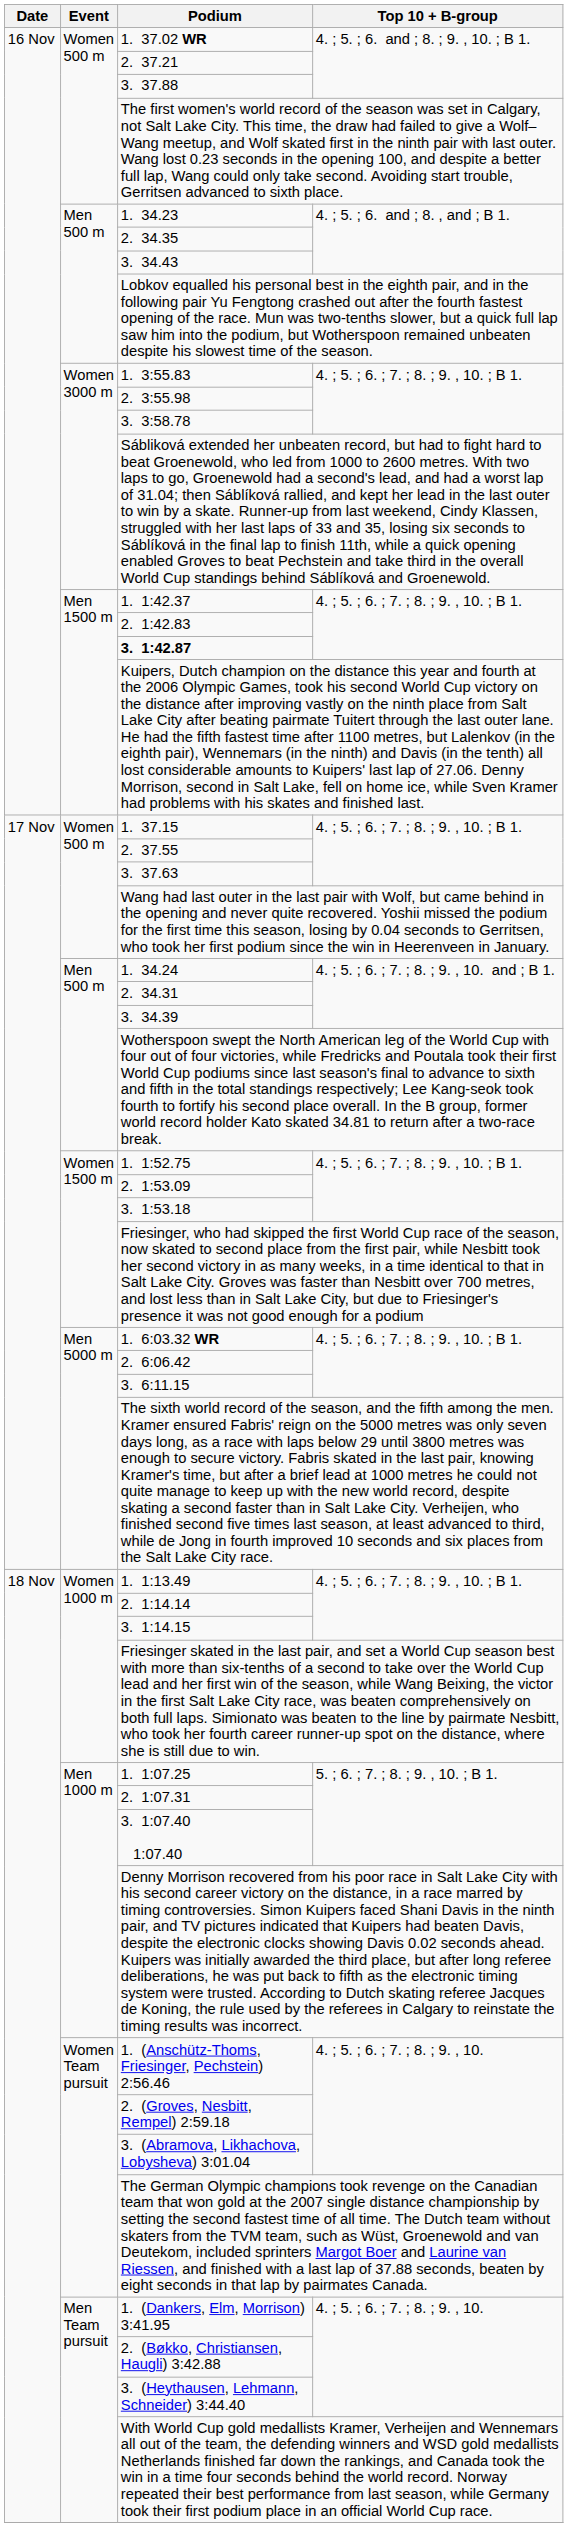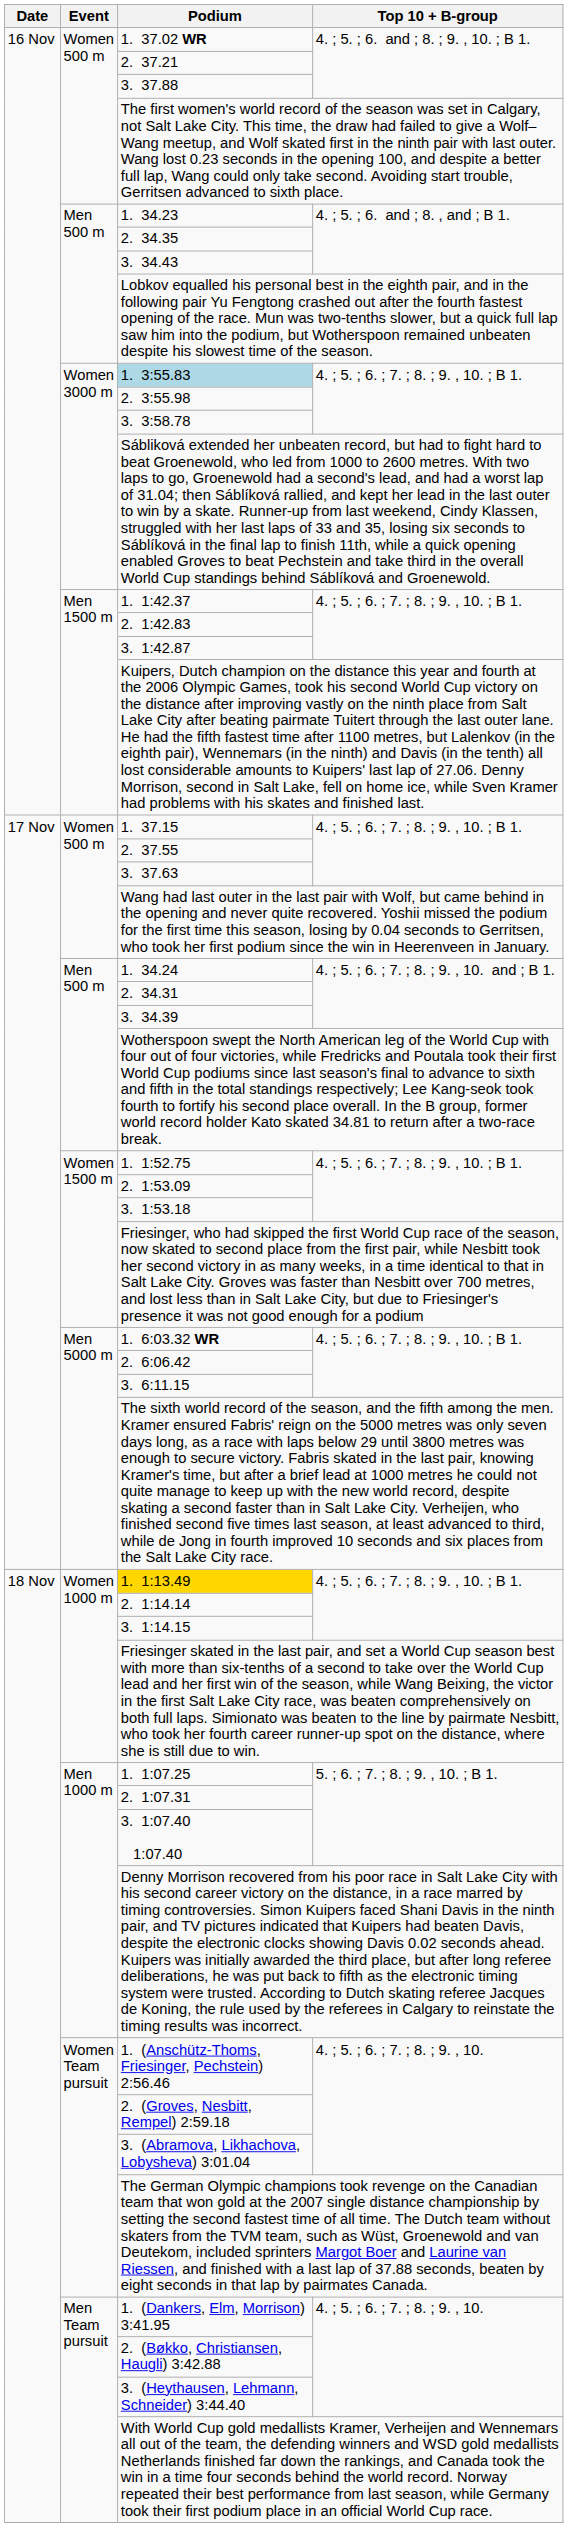 <table class="wikitable">
 <tr>
 <th width="10%">Date</th>
 <th width="10%">Event</th>
 <th width="35%">Podium</th>
 <th width="45%">Top 10 + B-group<br></th>
 </tr>
 <tr valign="top">
 <td rowspan="16">16 Nov</td>
 <td rowspan="4">Women<br>500 m<br></td>
 <td>1.  37.02 <strong>WR</strong></td>
 <td rowspan="3">4. ; 5. ; 6.  and ; 8. ; 9. , 10. ; B 1. </td>
 </tr>
 <tr>
 <td>2.  37.21</td>
 </tr>
 <tr>
 <td>3.  37.88</td>
 </tr>
 <tr>
 <td colspan="2">The first women's world record of the season was set in Calgary, not Salt Lake City. This time, the draw had failed to give a Wolf–Wang meetup, and Wolf skated first in the ninth pair with last outer. Wang lost 0.23 seconds in the opening 100, and despite a better full lap, Wang could only take second. Avoiding start trouble, Gerritsen advanced to sixth place.</td>
 </tr>
 <tr valign="top">
 <td rowspan="4">Men<br>500 m<br></td>
 <td>1.  34.23</td>
 <td rowspan="3">4. ; 5. ; 6.  and ; 8. ,  and ; B 1. </td>
 </tr>
 <tr>
 <td>2.  34.35</td>
 </tr>
 <tr>
 <td>3.  34.43</td>
 </tr>
 <tr>
 <td colspan="2">Lobkov equalled his personal best in the eighth pair, and in the following pair Yu Fengtong crashed out after the fourth fastest opening of the race. Mun was two-tenths slower, but a quick full lap saw him into the podium, but Wotherspoon remained unbeaten despite his slowest time of the season.</td>
 </tr>
 <tr valign="top">
 <td rowspan="4">Women<br>3000 m<br></td>
-<td>1.  3:55.83</td>
+<td style="background: lightblue;">1.  3:55.83</td>
 <td rowspan="3">4. ; 5. ; 6. ; 7. ; 8. ; 9. , 10. ; B 1. </td>
 </tr>
 <tr>
 <td>2.  3:55.98</td>
 </tr>
 <tr>
 <td>3.  3:58.78</td>
 </tr>
 <tr>
 <td colspan="2">Sábliková extended her unbeaten record, but had to fight hard to beat Groenewold, who led from 1000 to 2600 metres. With two laps to go, Groenewold had a second's lead, and had a worst lap of 31.04; then Sáblíková rallied, and kept her lead in the last outer to win by a skate. Runner-up from last weekend, Cindy Klassen, struggled with her last laps of 33 and 35, losing six seconds to Sáblíková in the final lap to finish 11th, while a quick opening enabled Groves to beat Pechstein and take third in the overall World Cup standings behind Sáblíková and Groenewold.</td>
 </tr>
 <tr valign="top">
 <td rowspan="4">Men<br>1500 m<br></td>
 <td>1.  1:42.37</td>
 <td rowspan="3">4. ; 5. ; 6. ; 7. ; 8. ; 9. , 10. ; B 1. </td>
 </tr>
 <tr>
 <td>2.  1:42.83</td>
 </tr>
 <tr>
-<td><strong>3.  1:42.87</strong></td>
+<td>3.  1:42.87</td>
 </tr>
 <tr>
 <td colspan="2">Kuipers, Dutch champion on the distance this year and fourth at the 2006 Olympic Games, took his second World Cup victory on the distance after improving vastly on the ninth place from Salt Lake City after beating pairmate Tuitert through the last outer lane. He had the fifth fastest time after 1100 metres, but Lalenkov (in the eighth pair), Wennemars (in the ninth) and Davis (in the tenth) all lost considerable amounts to Kuipers' last lap of 27.06. Denny Morrison, second in Salt Lake, fell on home ice, while Sven Kramer had problems with his skates and finished last.<br></td>
 </tr>
 <tr valign="top">
 <td rowspan="16">17 Nov</td>
 <td rowspan="4">Women<br>500 m<br></td>
 <td>1.  37.15</td>
 <td rowspan="3">4. ; 5. ; 6. ; 7. ; 8. ; 9. , 10. ; B 1. </td>
 </tr>
 <tr>
 <td>2.  37.55</td>
 </tr>
 <tr>
 <td>3.  37.63</td>
 </tr>
 <tr>
 <td colspan="2">Wang had last outer in the last pair with Wolf, but came behind in the opening and never quite recovered. Yoshii missed the podium for the first time this season, losing by 0.04 seconds to Gerritsen, who took her first podium since the win in Heerenveen in January.</td>
 </tr>
 <tr valign="top">
 <td rowspan="4">Men<br>500 m<br></td>
 <td>1.  34.24</td>
 <td rowspan="3">4. ; 5. ; 6. ; 7. ; 8. ; 9. , 10.  and ; B 1. </td>
 </tr>
 <tr>
 <td>2.  34.31</td>
 </tr>
 <tr>
 <td>3.  34.39</td>
 </tr>
 <tr>
 <td colspan="2">Wotherspoon swept the North American leg of the World Cup with four out of four victories, while Fredricks and Poutala took their first World Cup podiums since last season's final to advance to sixth and fifth in the total standings respectively; Lee Kang-seok took fourth to fortify his second place overall. In the B group, former world record holder Kato skated 34.81 to return after a two-race break.</td>
 </tr>
 <tr valign="top">
 <td rowspan="4">Women<br>1500 m<br></td>
 <td>1.  1:52.75</td>
 <td rowspan="3">4. ; 5. ; 6. ; 7. ; 8. ; 9. , 10. ; B 1. </td>
 </tr>
 <tr>
 <td>2.  1:53.09</td>
 </tr>
 <tr>
 <td>3.  1:53.18</td>
 </tr>
 <tr>
 <td colspan="2">Friesinger, who had skipped the first World Cup race of the season, now skated to second place from the first pair, while Nesbitt took her second victory in as many weeks, in a time identical to that in Salt Lake City. Groves was faster than Nesbitt over 700 metres, and lost less than in Salt Lake City, but due to Friesinger's presence it was not good enough for a podium</td>
 </tr>
 <tr valign="top">
 <td rowspan="4">Men<br>5000 m<br></td>
 <td>1.  6:03.32 <strong>WR</strong></td>
 <td rowspan="3">4. ; 5. ; 6. ; 7. ; 8. ; 9. , 10. ; B 1. </td>
 </tr>
 <tr>
 <td>2.  6:06.42</td>
 </tr>
 <tr>
 <td>3.  6:11.15</td>
 </tr>
 <tr>
 <td colspan="2">The sixth world record of the season, and the fifth among the men. Kramer ensured Fabris' reign on the 5000 metres was only seven days long, as a race with laps below 29 until 3800 metres was enough to secure victory. Fabris skated in the last pair, knowing Kramer's time, but after a brief lead at 1000 metres he could not quite manage to keep up with the new world record, despite skating a second faster than in Salt Lake City. Verheijen, who finished second five times last season, at least advanced to third, while de Jong in fourth improved 10 seconds and six places from the Salt Lake City race.<br></td>
 </tr>
 <tr valign="top">
 <td rowspan="16">18 Nov</td>
 <td rowspan="4">Women<br>1000 m<br></td>
-<td>1.  1:13.49</td>
+<td style="background: gold;">1.  1:13.49</td>
 <td rowspan="3">4. ; 5. ; 6. ; 7. ; 8. ; 9. , 10. ; B 1. </td>
 </tr>
 <tr>
 <td>2.  1:14.14</td>
 </tr>
 <tr>
 <td>3.  1:14.15</td>
 </tr>
 <tr>
 <td colspan="2">Friesinger skated in the last pair, and set a World Cup season best with more than six-tenths of a second to take over the World Cup lead and her first win of the season, while Wang Beixing, the victor in the first Salt Lake City race, was beaten comprehensively on both full laps. Simionato was beaten to the line by pairmate Nesbitt, who took her fourth career runner-up spot on the distance, where she is still due to win.</td>
 </tr>
 <tr valign="top">
 <td rowspan="4">Men<br>1000 m<br></td>
 <td>1.  1:07.25</td>
 <td rowspan="3">5. ; 6. ; 7. ; 8. ; 9. , 10. ; B 1. </td>
 </tr>
 <tr>
 <td>2.  1:07.31</td>
 </tr>
 <tr>
 <td>3.  1:07.40<br><br>   1:07.40</td>
 </tr>
 <tr>
 <td colspan="2">Denny Morrison recovered from his poor race in Salt Lake City with his second career victory on the distance, in a race marred by timing controversies. Simon Kuipers faced Shani Davis in the ninth pair, and TV pictures indicated that Kuipers had beaten Davis, despite the electronic clocks showing Davis 0.02 seconds ahead. Kuipers was initially awarded the third place, but after long referee deliberations, he was put back to fifth as the electronic timing system were trusted. According to Dutch skating referee Jacques de Koning, the rule used by the referees in Calgary to reinstate the timing results was incorrect.</td>
 </tr>
 <tr valign="top">
 <td rowspan="4">Women<br>Team pursuit<br></td>
 <td>1.  (<a href='#'>Anschütz-Thoms</a>, <a href='#'>Friesinger</a>, <a href='#'>Pechstein</a>) 2:56.46</td>
 <td rowspan="3">4. ; 5. ; 6. ; 7. ; 8. ; 9. , 10. </td>
 </tr>
 <tr>
 <td>2.  (<a href='#'>Groves</a>, <a href='#'>Nesbitt</a>, <a href='#'>Rempel</a>) 2:59.18</td>
 </tr>
 <tr>
 <td>3.  (<a href='#'>Abramova</a>, <a href='#'>Likhachova</a>, <a href='#'>Lobysheva</a>) 3:01.04</td>
 </tr>
 <tr>
 <td colspan="2">The German Olympic champions took revenge on the Canadian team that won gold at the 2007 single distance championship by setting the second fastest time of all time. The Dutch team without skaters from the TVM team, such as Wüst, Groenewold and van Deutekom, included sprinters <a href='#'>Margot Boer</a> and <a href='#'>Laurine van Riessen</a>, and finished with a last lap of 37.88 seconds, beaten by eight seconds in that lap by pairmates Canada.</td>
 </tr>
 <tr valign="top">
 <td rowspan="4">Men<br>Team pursuit<br></td>
 <td>1.  (<a href='#'>Dankers</a>, <a href='#'>Elm</a>, <a href='#'>Morrison</a>) 3:41.95</td>
 <td rowspan="3">4. ; 5. ; 6. ; 7. ; 8. ; 9. , 10. </td>
 </tr>
 <tr>
 <td>2.  (<a href='#'>Bøkko</a>, <a href='#'>Christiansen</a>, <a href='#'>Haugli</a>) 3:42.88</td>
 </tr>
 <tr>
 <td>3.  (<a href='#'>Heythausen</a>, <a href='#'>Lehmann</a>, <a href='#'>Schneider</a>) 3:44.40</td>
 </tr>
 <tr>
 <td colspan="2">With World Cup gold medallists Kramer, Verheijen and Wennemars all out of the team, the defending winners and WSD gold medallists Netherlands finished far down the rankings, and Canada took the win in a time four seconds behind the world record. Norway repeated their best performance from last season, while Germany took their first podium place in an official World Cup race.</td>
 </tr>
 <tr>
 </tr>
 </table>
